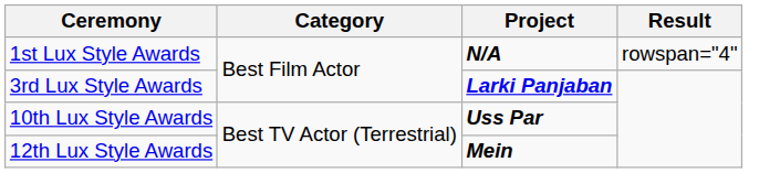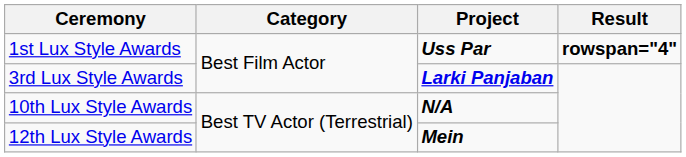 <table class="wikitable style">
 <tr>
 <th>Ceremony</th>
 <th>Category</th>
 <th>Project</th>
 <th>Result</th>
 </tr>
 <tr>
 <td><a href='#'>1st Lux Style Awards</a></td>
 <td rowspan="2">Best Film Actor</td>
-<td><strong><em>N/A</em></strong></td>
-<td>rowspan="4" </td>
+<td><strong><em>Uss Par</em></strong></td>
+<td><strong>rowspan="4" </strong></td>
 </tr>
 <tr>
 <td><a href='#'>3rd Lux Style Awards</a></td>
 <td><strong><em><a href='#'>Larki Panjaban</a></em></strong></td>
 </tr>
 <tr>
 <td><a href='#'>10th Lux Style Awards</a></td>
 <td rowspan="2">Best TV Actor (Terrestrial)</td>
-<td><strong><em>Uss Par</em></strong></td>
+<td><strong><em>N/A</em></strong></td>
 </tr>
 <tr>
 <td><a href='#'>12th Lux Style Awards</a></td>
 <td><strong><em>Mein</em></strong></td>
 </tr>
 </table>
